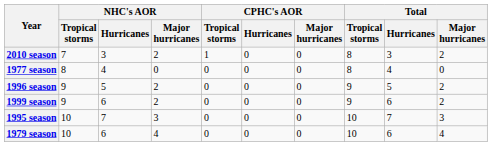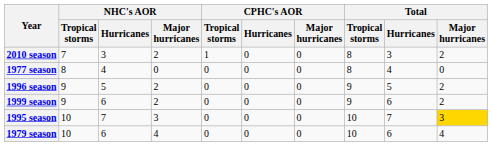 <table class="wikitable plainrowheaders">
 <tr>
 <th scope="col" rowspan=2>Year</th>
 <th scope="col" colspan=3>NHC's AOR</th>
 <th scope="col" colspan=3>CPHC's AOR</th>
 <th scope="col" colspan=3>Total</th>
 </tr>
 <tr>
 <th scope="col">Tropical<br>storms</th>
 <th scope="col">Hurricanes</th>
 <th scope="col">Major<br>hurricanes</th>
 <th scope="col">Tropical<br>storms</th>
 <th scope="col">Hurricanes</th>
 <th scope="col">Major<br>hurricanes</th>
 <th scope="col">Tropical<br>storms</th>
 <th scope="col">Hurricanes</th>
 <th scope="col">Major<br>hurricanes</th>
 </tr>
 <tr>
 <th scope="row"><a href='#'>2010 season</a></th>
 <td>7</td>
 <td>3</td>
 <td>2</td>
 <td>1</td>
 <td>0</td>
 <td>0</td>
 <td>8</td>
 <td>3</td>
 <td>2</td>
 </tr>
 <tr>
 <th scope="row"><a href='#'>1977 season</a></th>
 <td>8</td>
 <td>4</td>
 <td>0</td>
 <td>0</td>
 <td>0</td>
 <td>0</td>
 <td>8</td>
 <td>4</td>
 <td>0</td>
 </tr>
 <tr>
 <th scope="row"><a href='#'>1996 season</a></th>
 <td>9</td>
 <td>5</td>
 <td>2</td>
 <td>0</td>
 <td>0</td>
 <td>0</td>
 <td>9</td>
 <td>5</td>
 <td>2</td>
 </tr>
 <tr>
 <th scope="row"><a href='#'>1999 season</a></th>
 <td>9</td>
 <td>6</td>
 <td>2</td>
 <td>0</td>
 <td>0</td>
 <td>0</td>
 <td>9</td>
 <td>6</td>
 <td>2</td>
 </tr>
 <tr>
 <th scope="row"><a href='#'>1995 season</a></th>
 <td>10</td>
 <td>7</td>
 <td>3</td>
 <td>0</td>
 <td>0</td>
 <td>0</td>
 <td>10</td>
 <td>7</td>
-<td>3</td>
+<td style="background: gold;">3</td>
 </tr>
 <tr>
 <th scope="row"><a href='#'>1979 season</a></th>
 <td>10</td>
 <td>6</td>
 <td>4</td>
 <td>0</td>
 <td>0</td>
 <td>0</td>
 <td>10</td>
 <td>6</td>
 <td>4</td>
 </tr>
 </table>
